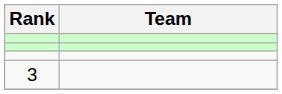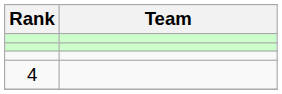 <table class="wikitable" style="text-align: center;">
 <tr>
 <th width=40>Rank</th>
 <th width=180>Team</th>
 </tr>
 <tr bgcolor=#ccffcc align=center>
 <td></td>
 <td style="text-align:left;"></td>
 </tr>
 <tr bgcolor=#ccffcc align=center>
 <td></td>
 <td style="text-align:left;"></td>
 </tr>
 <tr align=center>
 <td></td>
 <td style="text-align:left;"></td>
 </tr>
 <tr align=center>
-<td>3</td>
+<td>4</td>
 <td style="text-align:left;"></td>
 </tr>
 <tr align=center>
 </tr>
 </table>
